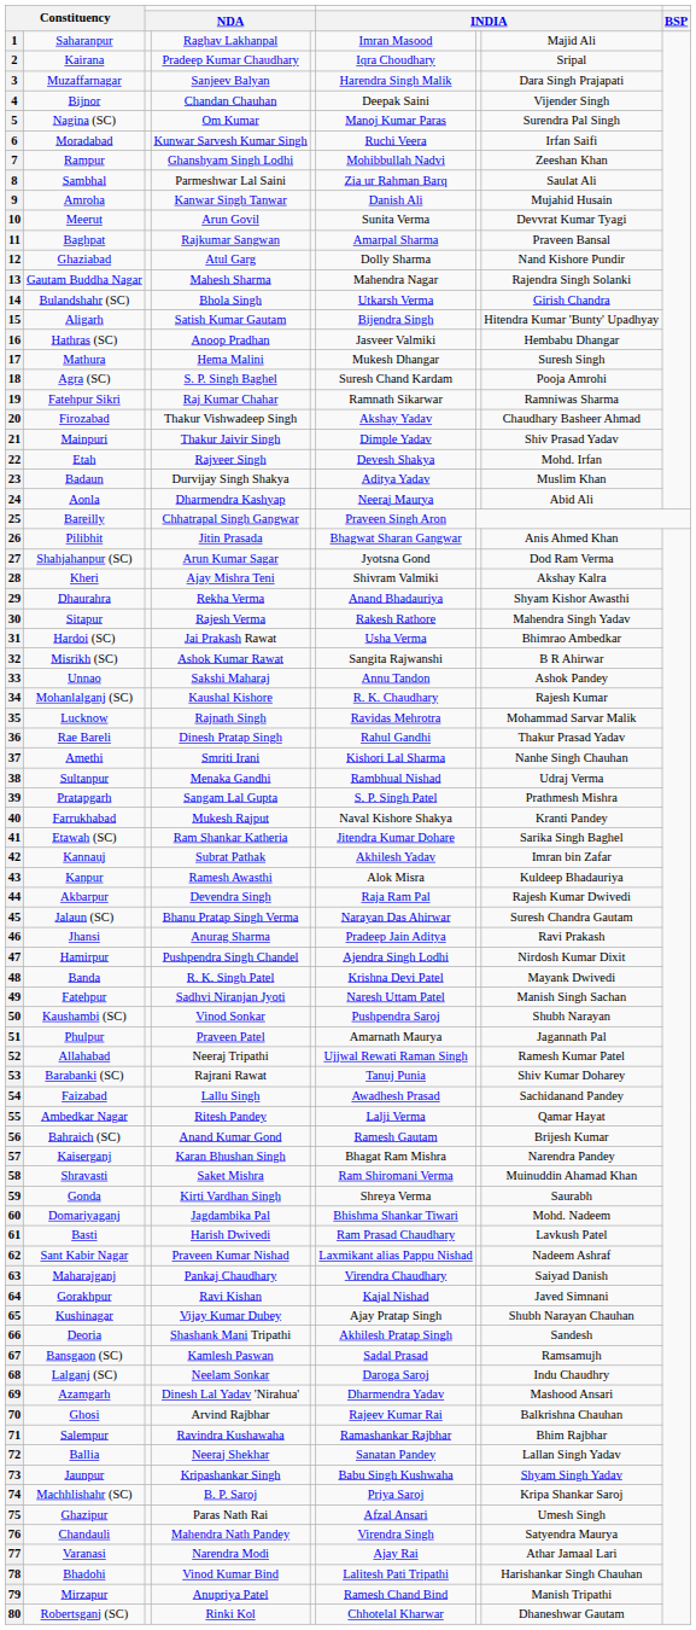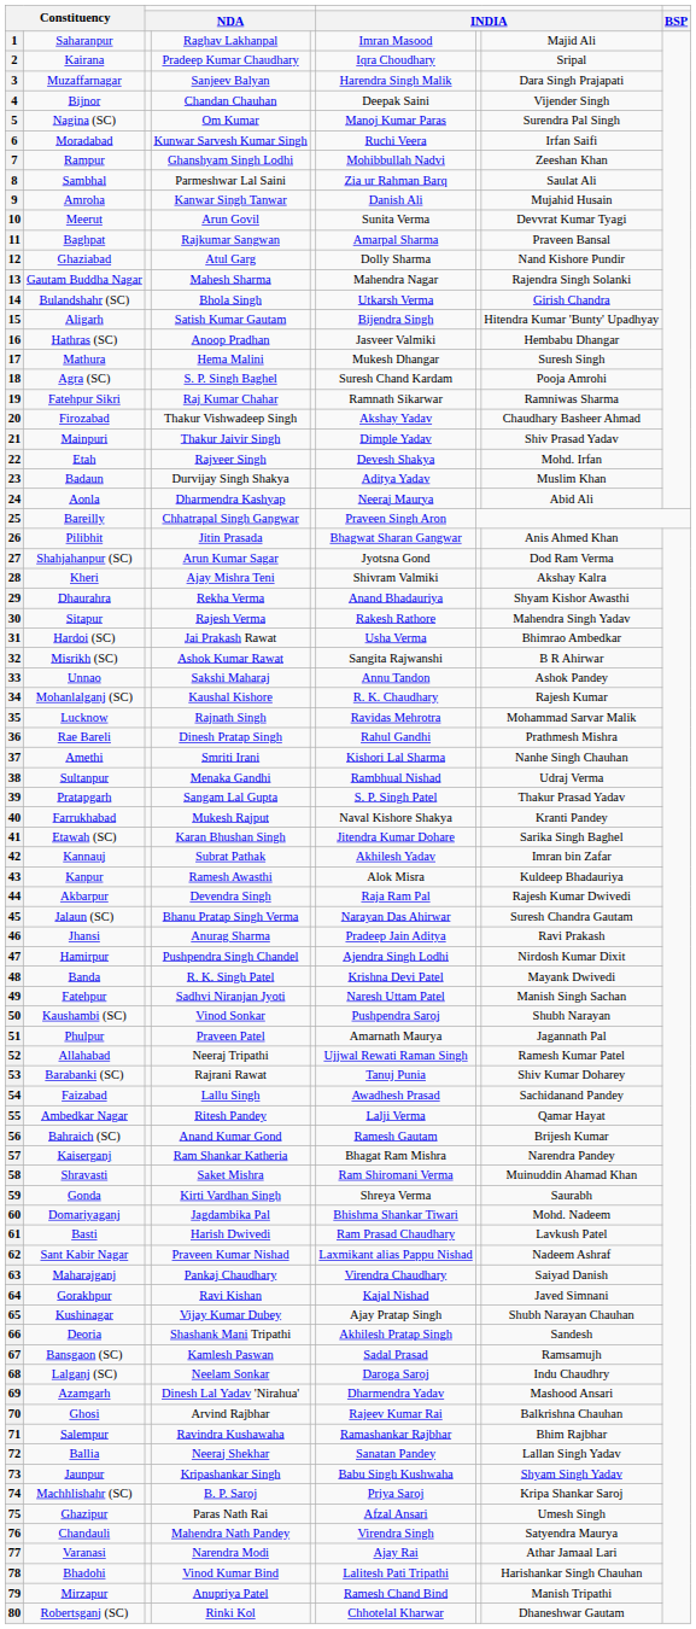 <table class="wikitable sortable" style="text-align:center;">
 <tr>
 <th colspan="2" rowspan="2">Constituency</th>
 <td colspan="3"></td>
 <td colspan="3"></td>
 <td colspan="3"></td>
 </tr>
 <tr>
 <th colspan="3" class="wikitable"><a href='#'>NDA</a></th>
 <th colspan="3" class="wikitable"><a href='#'>INDIA</a></th>
 <th colspan="3" class="wikitable"><a href='#'>BSP</a></th>
 </tr>
 <tr>
 <th>1</th>
 <td><a href='#'>Saharanpur</a></td>
 <td></td>
 <td><a href='#'>Raghav Lakhanpal</a></td>
 <td></td>
 <td><a href='#'>Imran Masood</a></td>
 <td></td>
 <td>Majid Ali</td>
 </tr>
 <tr>
 <th>2</th>
 <td><a href='#'>Kairana</a></td>
 <td></td>
 <td><a href='#'>Pradeep Kumar Chaudhary</a></td>
 <td></td>
 <td><a href='#'>Iqra Choudhary</a></td>
 <td></td>
 <td>Sripal</td>
 </tr>
 <tr>
 <th>3</th>
 <td><a href='#'>Muzaffarnagar</a></td>
 <td></td>
 <td><a href='#'>Sanjeev Balyan</a></td>
 <td></td>
 <td><a href='#'>Harendra Singh Malik</a></td>
 <td></td>
 <td>Dara Singh Prajapati</td>
 </tr>
 <tr>
 <th>4</th>
 <td><a href='#'>Bijnor</a></td>
 <td></td>
 <td><a href='#'>Chandan Chauhan</a></td>
 <td></td>
 <td>Deepak Saini</td>
 <td></td>
 <td>Vijender Singh</td>
 </tr>
 <tr>
 <th>5</th>
 <td><a href='#'>Nagina</a> (SC)</td>
 <td></td>
 <td><a href='#'>Om Kumar</a></td>
 <td></td>
 <td><a href='#'>Manoj Kumar Paras</a></td>
 <td></td>
 <td>Surendra Pal Singh</td>
 </tr>
 <tr>
 <th>6</th>
 <td><a href='#'>Moradabad</a></td>
 <td></td>
 <td><a href='#'>Kunwar Sarvesh Kumar Singh</a></td>
 <td></td>
 <td><a href='#'>Ruchi Veera</a></td>
 <td></td>
 <td>Irfan Saifi</td>
 </tr>
 <tr>
 <th>7</th>
 <td><a href='#'>Rampur</a></td>
 <td></td>
 <td><a href='#'>Ghanshyam Singh Lodhi</a></td>
 <td></td>
 <td><a href='#'>Mohibbullah Nadvi</a></td>
 <td></td>
 <td>Zeeshan Khan</td>
 </tr>
 <tr>
 <th>8</th>
 <td><a href='#'>Sambhal</a></td>
 <td></td>
 <td>Parmeshwar Lal Saini</td>
 <td></td>
 <td><a href='#'>Zia ur Rahman Barq</a></td>
 <td></td>
 <td>Saulat Ali</td>
 </tr>
 <tr>
 <th>9</th>
 <td><a href='#'>Amroha</a></td>
 <td></td>
 <td><a href='#'>Kanwar Singh Tanwar</a></td>
 <td></td>
 <td><a href='#'>Danish Ali</a></td>
 <td></td>
 <td>Mujahid Husain</td>
 </tr>
 <tr>
 <th>10</th>
 <td><a href='#'>Meerut</a></td>
 <td></td>
 <td><a href='#'>Arun Govil</a></td>
 <td></td>
 <td>Sunita Verma</td>
 <td></td>
 <td>Devvrat Kumar Tyagi</td>
 </tr>
 <tr>
 <th>11</th>
 <td><a href='#'>Baghpat</a></td>
 <td></td>
 <td><a href='#'>Rajkumar Sangwan</a></td>
 <td></td>
 <td><a href='#'>Amarpal Sharma</a></td>
 <td></td>
 <td>Praveen Bansal</td>
 </tr>
 <tr>
 <th>12</th>
 <td><a href='#'>Ghaziabad</a></td>
 <td></td>
 <td><a href='#'>Atul Garg</a></td>
 <td></td>
 <td>Dolly Sharma</td>
 <td></td>
 <td>Nand Kishore Pundir</td>
 </tr>
 <tr>
 <th>13</th>
 <td><a href='#'>Gautam Buddha Nagar</a></td>
 <td></td>
 <td><a href='#'>Mahesh Sharma</a></td>
 <td></td>
 <td>Mahendra Nagar</td>
 <td></td>
 <td>Rajendra Singh Solanki</td>
 </tr>
 <tr>
 <th>14</th>
 <td><a href='#'>Bulandshahr</a> (SC)</td>
 <td></td>
 <td><a href='#'>Bhola Singh</a></td>
 <td></td>
 <td><a href='#'>Utkarsh Verma</a></td>
 <td></td>
 <td><a href='#'>Girish Chandra</a></td>
 </tr>
 <tr>
 <th>15</th>
 <td><a href='#'>Aligarh</a></td>
 <td></td>
 <td><a href='#'>Satish Kumar Gautam</a></td>
 <td></td>
 <td><a href='#'>Bijendra Singh</a></td>
 <td></td>
 <td>Hitendra Kumar 'Bunty' Upadhyay</td>
 </tr>
 <tr>
 <th>16</th>
 <td><a href='#'>Hathras</a> (SC)</td>
 <td></td>
 <td><a href='#'>Anoop Pradhan</a></td>
 <td></td>
 <td>Jasveer Valmiki</td>
 <td></td>
 <td>Hembabu Dhangar</td>
 </tr>
 <tr>
 <th>17</th>
 <td><a href='#'>Mathura</a></td>
 <td></td>
 <td><a href='#'>Hema Malini</a></td>
 <td></td>
 <td>Mukesh Dhangar</td>
 <td></td>
 <td>Suresh Singh</td>
 </tr>
 <tr>
 <th>18</th>
 <td><a href='#'>Agra</a> (SC)</td>
 <td></td>
 <td><a href='#'>S. P. Singh Baghel</a></td>
 <td></td>
 <td>Suresh Chand Kardam</td>
 <td></td>
 <td>Pooja Amrohi</td>
 </tr>
 <tr>
 <th>19</th>
 <td><a href='#'>Fatehpur Sikri</a></td>
 <td></td>
 <td><a href='#'>Raj Kumar Chahar</a></td>
 <td></td>
 <td>Ramnath Sikarwar</td>
 <td></td>
 <td>Ramniwas Sharma</td>
 </tr>
 <tr>
 <th>20</th>
 <td><a href='#'>Firozabad</a></td>
 <td></td>
 <td>Thakur Vishwadeep Singh</td>
 <td></td>
 <td><a href='#'>Akshay Yadav</a></td>
 <td></td>
 <td>Chaudhary Basheer Ahmad</td>
 </tr>
 <tr>
 <th>21</th>
 <td><a href='#'>Mainpuri</a></td>
 <td></td>
 <td><a href='#'>Thakur Jaivir Singh</a></td>
 <td></td>
 <td><a href='#'>Dimple Yadav</a></td>
 <td></td>
 <td>Shiv Prasad Yadav</td>
 </tr>
 <tr>
 <th>22</th>
 <td><a href='#'>Etah</a></td>
 <td></td>
 <td><a href='#'>Rajveer Singh</a></td>
 <td></td>
 <td><a href='#'>Devesh Shakya</a></td>
 <td></td>
 <td>Mohd. Irfan</td>
 </tr>
 <tr>
 <th>23</th>
 <td><a href='#'>Badaun</a></td>
 <td></td>
 <td>Durvijay Singh Shakya</td>
 <td></td>
 <td><a href='#'>Aditya Yadav</a></td>
 <td></td>
 <td>Muslim Khan</td>
 </tr>
 <tr>
 <th>24</th>
 <td><a href='#'>Aonla</a></td>
 <td></td>
 <td><a href='#'>Dharmendra Kashyap</a></td>
 <td></td>
 <td><a href='#'>Neeraj Maurya</a></td>
 <td></td>
 <td>Abid Ali</td>
 </tr>
 <tr>
 <th>25</th>
 <td><a href='#'>Bareilly</a></td>
 <td></td>
 <td><a href='#'>Chhatrapal Singh Gangwar</a></td>
 <td></td>
 <td><a href='#'>Praveen Singh Aron</a></td>
 <td colspan="3"></td>
 </tr>
 <tr>
 <th>26</th>
 <td><a href='#'>Pilibhit</a></td>
 <td></td>
 <td><a href='#'>Jitin Prasada</a></td>
 <td></td>
 <td><a href='#'>Bhagwat Sharan Gangwar</a></td>
 <td></td>
 <td>Anis Ahmed Khan</td>
 </tr>
 <tr>
 <th>27</th>
 <td><a href='#'>Shahjahanpur</a> (SC)</td>
 <td></td>
 <td><a href='#'>Arun Kumar Sagar</a></td>
 <td></td>
 <td>Jyotsna Gond</td>
 <td></td>
 <td>Dod Ram Verma</td>
 </tr>
 <tr>
 <th>28</th>
 <td><a href='#'>Kheri</a></td>
 <td></td>
 <td><a href='#'>Ajay Mishra Teni</a></td>
 <td></td>
 <td>Shivram Valmiki</td>
 <td></td>
 <td>Akshay Kalra</td>
 </tr>
 <tr>
 <th>29</th>
 <td><a href='#'>Dhaurahra</a></td>
 <td></td>
 <td><a href='#'>Rekha Verma</a></td>
 <td></td>
 <td><a href='#'>Anand Bhadauriya</a></td>
 <td></td>
 <td>Shyam Kishor Awasthi</td>
 </tr>
 <tr>
 <th>30</th>
 <td><a href='#'>Sitapur</a></td>
 <td></td>
 <td><a href='#'>Rajesh Verma</a></td>
 <td></td>
 <td><a href='#'>Rakesh Rathore</a></td>
 <td></td>
 <td>Mahendra Singh Yadav</td>
 </tr>
 <tr>
 <th>31</th>
 <td><a href='#'>Hardoi</a> (SC)</td>
 <td></td>
 <td><a href='#'>Jai Prakash</a> Rawat</td>
 <td></td>
 <td><a href='#'>Usha Verma</a></td>
 <td></td>
 <td>Bhimrao Ambedkar</td>
 </tr>
 <tr>
 <th>32</th>
 <td><a href='#'>Misrikh</a> (SC)</td>
 <td></td>
 <td><a href='#'>Ashok Kumar Rawat</a></td>
 <td></td>
 <td>Sangita Rajwanshi</td>
 <td></td>
 <td>B R Ahirwar</td>
 </tr>
 <tr>
 <th>33</th>
 <td><a href='#'>Unnao</a></td>
 <td></td>
 <td><a href='#'>Sakshi Maharaj</a></td>
 <td></td>
 <td><a href='#'>Annu Tandon</a></td>
 <td></td>
 <td>Ashok Pandey</td>
 </tr>
 <tr>
 <th>34</th>
 <td><a href='#'>Mohanlalganj</a> (SC)</td>
 <td></td>
 <td><a href='#'>Kaushal Kishore</a></td>
 <td></td>
 <td><a href='#'>R. K. Chaudhary</a></td>
 <td></td>
 <td>Rajesh Kumar</td>
 </tr>
 <tr>
 <th>35</th>
 <td><a href='#'>Lucknow</a></td>
 <td></td>
 <td><a href='#'>Rajnath Singh</a></td>
 <td></td>
 <td><a href='#'>Ravidas Mehrotra</a></td>
 <td></td>
 <td>Mohammad Sarvar Malik</td>
 </tr>
 <tr>
 <th>36</th>
 <td><a href='#'>Rae Bareli</a></td>
 <td></td>
 <td><a href='#'>Dinesh Pratap Singh</a></td>
 <td></td>
 <td><a href='#'>Rahul Gandhi</a></td>
 <td></td>
-<td>Thakur Prasad Yadav</td>
+<td>Prathmesh Mishra</td>
 </tr>
 <tr>
 <th>37</th>
 <td><a href='#'>Amethi</a></td>
 <td></td>
 <td><a href='#'>Smriti Irani</a></td>
 <td></td>
 <td><a href='#'>Kishori Lal Sharma</a></td>
 <td></td>
 <td>Nanhe Singh Chauhan</td>
 </tr>
 <tr>
 <th>38</th>
 <td><a href='#'>Sultanpur</a></td>
 <td></td>
 <td><a href='#'>Menaka Gandhi</a></td>
 <td></td>
 <td><a href='#'>Rambhual Nishad</a></td>
 <td></td>
 <td>Udraj Verma</td>
 </tr>
 <tr>
 <th>39</th>
 <td><a href='#'>Pratapgarh</a></td>
 <td></td>
 <td><a href='#'>Sangam Lal Gupta</a></td>
 <td></td>
 <td><a href='#'>S. P. Singh Patel</a></td>
 <td></td>
-<td>Prathmesh Mishra</td>
+<td>Thakur Prasad Yadav</td>
 </tr>
 <tr>
 <th>40</th>
 <td><a href='#'>Farrukhabad</a></td>
 <td></td>
 <td><a href='#'>Mukesh Rajput</a></td>
 <td></td>
 <td>Naval Kishore Shakya</td>
 <td></td>
 <td>Kranti Pandey</td>
 </tr>
 <tr>
 <th>41</th>
 <td><a href='#'>Etawah</a> (SC)</td>
 <td></td>
-<td><a href='#'>Ram Shankar Katheria</a></td>
+<td><a href='#'>Karan Bhushan Singh</a></td>
 <td></td>
 <td><a href='#'>Jitendra Kumar Dohare</a></td>
 <td></td>
 <td>Sarika Singh Baghel</td>
 </tr>
 <tr>
 <th>42</th>
 <td><a href='#'>Kannauj</a></td>
 <td></td>
 <td><a href='#'>Subrat Pathak</a></td>
 <td></td>
 <td><a href='#'>Akhilesh Yadav</a></td>
 <td></td>
 <td>Imran bin Zafar</td>
 </tr>
 <tr>
 <th>43</th>
 <td><a href='#'>Kanpur</a></td>
 <td></td>
 <td><a href='#'>Ramesh Awasthi</a></td>
 <td></td>
 <td>Alok Misra</td>
 <td></td>
 <td>Kuldeep Bhadauriya</td>
 </tr>
 <tr>
 <th>44</th>
 <td><a href='#'>Akbarpur</a></td>
 <td></td>
 <td><a href='#'>Devendra Singh</a></td>
 <td></td>
 <td><a href='#'>Raja Ram Pal</a></td>
 <td></td>
 <td>Rajesh Kumar Dwivedi</td>
 </tr>
 <tr>
 <th>45</th>
 <td><a href='#'>Jalaun</a> (SC)</td>
 <td></td>
 <td><a href='#'>Bhanu Pratap Singh Verma</a></td>
 <td></td>
 <td><a href='#'>Narayan Das Ahirwar</a></td>
 <td></td>
 <td>Suresh Chandra Gautam</td>
 </tr>
 <tr>
 <th>46</th>
 <td><a href='#'>Jhansi</a></td>
 <td></td>
 <td><a href='#'>Anurag Sharma</a></td>
 <td></td>
 <td><a href='#'>Pradeep Jain Aditya</a></td>
 <td></td>
 <td>Ravi Prakash</td>
 </tr>
 <tr>
 <th>47</th>
 <td><a href='#'>Hamirpur</a></td>
 <td></td>
 <td><a href='#'>Pushpendra Singh Chandel</a></td>
 <td></td>
 <td><a href='#'>Ajendra Singh Lodhi</a></td>
 <td></td>
 <td>Nirdosh Kumar Dixit</td>
 </tr>
 <tr>
 <th>48</th>
 <td><a href='#'>Banda</a></td>
 <td></td>
 <td><a href='#'>R. K. Singh Patel</a></td>
 <td></td>
 <td><a href='#'>Krishna Devi Patel</a></td>
 <td></td>
 <td>Mayank Dwivedi</td>
 </tr>
 <tr>
 <th>49</th>
 <td><a href='#'>Fatehpur</a></td>
 <td></td>
 <td><a href='#'>Sadhvi Niranjan Jyoti</a></td>
 <td></td>
 <td><a href='#'>Naresh Uttam Patel</a></td>
 <td></td>
 <td>Manish Singh Sachan</td>
 </tr>
 <tr>
 <th>50</th>
 <td><a href='#'>Kaushambi</a> (SC)</td>
 <td></td>
 <td><a href='#'>Vinod Sonkar</a></td>
 <td></td>
 <td><a href='#'>Pushpendra Saroj</a></td>
 <td></td>
 <td>Shubh Narayan</td>
 </tr>
 <tr>
 <th>51</th>
 <td><a href='#'>Phulpur</a></td>
 <td></td>
 <td><a href='#'>Praveen Patel</a></td>
 <td></td>
 <td>Amarnath Maurya</td>
 <td></td>
 <td>Jagannath Pal</td>
 </tr>
 <tr>
 <th>52</th>
 <td><a href='#'>Allahabad</a></td>
 <td></td>
 <td>Neeraj Tripathi</td>
 <td></td>
 <td><a href='#'>Ujjwal Rewati Raman Singh</a></td>
 <td></td>
 <td>Ramesh Kumar Patel</td>
 </tr>
 <tr>
 <th>53</th>
 <td><a href='#'>Barabanki</a> (SC)</td>
 <td></td>
 <td>Rajrani Rawat</td>
 <td></td>
 <td><a href='#'>Tanuj Punia</a></td>
 <td></td>
 <td>Shiv Kumar Doharey</td>
 </tr>
 <tr>
 <th>54</th>
 <td><a href='#'>Faizabad</a></td>
 <td></td>
 <td><a href='#'>Lallu Singh</a></td>
 <td></td>
 <td><a href='#'>Awadhesh Prasad</a></td>
 <td></td>
 <td>Sachidanand Pandey</td>
 </tr>
 <tr>
 <th>55</th>
 <td><a href='#'>Ambedkar Nagar</a></td>
 <td></td>
 <td><a href='#'>Ritesh Pandey</a></td>
 <td></td>
 <td><a href='#'>Lalji Verma</a></td>
 <td></td>
 <td>Qamar Hayat</td>
 </tr>
 <tr>
 <th>56</th>
 <td><a href='#'>Bahraich</a> (SC)</td>
 <td></td>
 <td><a href='#'>Anand Kumar Gond</a></td>
 <td></td>
 <td><a href='#'>Ramesh Gautam</a></td>
 <td></td>
 <td>Brijesh Kumar</td>
 </tr>
 <tr>
 <th>57</th>
 <td><a href='#'>Kaiserganj</a></td>
 <td></td>
-<td><a href='#'>Karan Bhushan Singh</a></td>
+<td><a href='#'>Ram Shankar Katheria</a></td>
 <td></td>
 <td>Bhagat Ram Mishra</td>
 <td></td>
 <td>Narendra Pandey</td>
 </tr>
 <tr>
 <th>58</th>
 <td><a href='#'>Shravasti</a></td>
 <td></td>
 <td><a href='#'>Saket Mishra</a></td>
 <td></td>
 <td><a href='#'>Ram Shiromani Verma</a></td>
 <td></td>
 <td>Muinuddin Ahamad Khan</td>
 </tr>
 <tr>
 <th>59</th>
 <td><a href='#'>Gonda</a></td>
 <td></td>
 <td><a href='#'>Kirti Vardhan Singh</a></td>
 <td></td>
 <td>Shreya Verma</td>
 <td></td>
 <td>Saurabh</td>
 </tr>
 <tr>
 <th>60</th>
 <td><a href='#'>Domariyaganj</a></td>
 <td></td>
 <td><a href='#'>Jagdambika Pal</a></td>
 <td></td>
 <td><a href='#'>Bhishma Shankar Tiwari</a></td>
 <td></td>
 <td>Mohd. Nadeem</td>
 </tr>
 <tr>
 <th>61</th>
 <td><a href='#'>Basti</a></td>
 <td></td>
 <td><a href='#'>Harish Dwivedi</a></td>
 <td></td>
 <td><a href='#'>Ram Prasad Chaudhary</a></td>
 <td></td>
 <td>Lavkush Patel</td>
 </tr>
 <tr>
 <th>62</th>
 <td><a href='#'>Sant Kabir Nagar</a></td>
 <td></td>
 <td><a href='#'>Praveen Kumar Nishad</a></td>
 <td></td>
 <td><a href='#'>Laxmikant alias Pappu Nishad</a></td>
 <td></td>
 <td>Nadeem Ashraf</td>
 </tr>
 <tr>
 <th>63</th>
 <td><a href='#'>Maharajganj</a></td>
 <td></td>
 <td><a href='#'>Pankaj Chaudhary</a></td>
 <td></td>
 <td><a href='#'>Virendra Chaudhary</a></td>
 <td></td>
 <td>Saiyad Danish</td>
 </tr>
 <tr>
 <th>64</th>
 <td><a href='#'>Gorakhpur</a></td>
 <td></td>
 <td><a href='#'>Ravi Kishan</a></td>
 <td></td>
 <td><a href='#'>Kajal Nishad</a></td>
 <td></td>
 <td>Javed Simnani</td>
 </tr>
 <tr>
 <th>65</th>
 <td><a href='#'>Kushinagar</a></td>
 <td></td>
 <td><a href='#'>Vijay Kumar Dubey</a></td>
 <td></td>
 <td>Ajay Pratap Singh</td>
 <td></td>
 <td>Shubh Narayan Chauhan</td>
 </tr>
 <tr>
 <th>66</th>
 <td><a href='#'>Deoria</a></td>
 <td></td>
 <td><a href='#'>Shashank Mani</a> Tripathi</td>
 <td></td>
 <td><a href='#'>Akhilesh Pratap Singh</a></td>
 <td></td>
 <td>Sandesh</td>
 </tr>
 <tr>
 <th>67</th>
 <td><a href='#'>Bansgaon</a> (SC)</td>
 <td></td>
 <td><a href='#'>Kamlesh Paswan</a></td>
 <td></td>
 <td><a href='#'>Sadal Prasad</a></td>
 <td></td>
 <td>Ramsamujh</td>
 </tr>
 <tr>
 <th>68</th>
 <td><a href='#'>Lalganj</a> (SC)</td>
 <td></td>
 <td><a href='#'>Neelam Sonkar</a></td>
 <td></td>
 <td><a href='#'>Daroga Saroj</a></td>
 <td></td>
 <td>Indu Chaudhry</td>
 </tr>
 <tr>
 <th>69</th>
 <td><a href='#'>Azamgarh</a></td>
 <td></td>
 <td><a href='#'>Dinesh Lal Yadav</a> 'Nirahua'</td>
 <td></td>
 <td><a href='#'>Dharmendra Yadav</a></td>
 <td></td>
 <td>Mashood Ansari</td>
 </tr>
 <tr>
 <th>70</th>
 <td><a href='#'>Ghosi</a></td>
 <td></td>
 <td>Arvind Rajbhar</td>
 <td></td>
 <td><a href='#'>Rajeev Kumar Rai</a></td>
 <td></td>
 <td>Balkrishna Chauhan</td>
 </tr>
 <tr>
 <th>71</th>
 <td><a href='#'>Salempur</a></td>
 <td></td>
 <td><a href='#'>Ravindra Kushawaha</a></td>
 <td></td>
 <td><a href='#'>Ramashankar Rajbhar</a></td>
 <td></td>
 <td>Bhim Rajbhar</td>
 </tr>
 <tr>
 <th>72</th>
 <td><a href='#'>Ballia</a></td>
 <td></td>
 <td><a href='#'>Neeraj Shekhar</a></td>
 <td></td>
 <td><a href='#'>Sanatan Pandey</a></td>
 <td></td>
 <td>Lallan Singh Yadav</td>
 </tr>
 <tr>
 <th>73</th>
 <td><a href='#'>Jaunpur</a></td>
 <td></td>
 <td><a href='#'>Kripashankar Singh</a></td>
 <td></td>
 <td><a href='#'>Babu Singh Kushwaha</a></td>
 <td></td>
 <td><a href='#'>Shyam Singh Yadav</a></td>
 </tr>
 <tr>
 <th>74</th>
 <td><a href='#'>Machhlishahr</a> (SC)</td>
 <td></td>
 <td><a href='#'>B. P. Saroj</a></td>
 <td></td>
 <td><a href='#'>Priya Saroj</a></td>
 <td></td>
 <td>Kripa Shankar Saroj</td>
 </tr>
 <tr>
 <th>75</th>
 <td><a href='#'>Ghazipur</a></td>
 <td></td>
 <td>Paras Nath Rai</td>
 <td></td>
 <td><a href='#'>Afzal Ansari</a></td>
 <td></td>
 <td>Umesh Singh</td>
 </tr>
 <tr>
 <th>76</th>
 <td><a href='#'>Chandauli</a></td>
 <td></td>
 <td><a href='#'>Mahendra Nath Pandey</a></td>
 <td></td>
 <td><a href='#'>Virendra Singh</a></td>
 <td></td>
 <td>Satyendra Maurya</td>
 </tr>
 <tr>
 <th>77</th>
 <td><a href='#'>Varanasi</a></td>
 <td></td>
 <td><a href='#'>Narendra Modi</a></td>
 <td></td>
 <td><a href='#'>Ajay Rai</a></td>
 <td></td>
 <td>Athar Jamaal Lari</td>
 </tr>
 <tr>
 <th>78</th>
 <td><a href='#'>Bhadohi</a></td>
 <td></td>
 <td><a href='#'>Vinod Kumar Bind</a></td>
 <td></td>
 <td><a href='#'>Lalitesh Pati Tripathi</a></td>
 <td></td>
 <td>Harishankar Singh Chauhan</td>
 </tr>
 <tr>
 <th>79</th>
 <td><a href='#'>Mirzapur</a></td>
 <td></td>
 <td><a href='#'>Anupriya Patel</a></td>
 <td></td>
 <td><a href='#'>Ramesh Chand Bind</a></td>
 <td></td>
 <td>Manish Tripathi</td>
 </tr>
 <tr>
 <th>80</th>
 <td><a href='#'>Robertsganj</a> (SC)</td>
 <td></td>
 <td><a href='#'>Rinki Kol</a></td>
 <td></td>
 <td><a href='#'>Chhotelal Kharwar</a></td>
 <td></td>
 <td>Dhaneshwar Gautam</td>
 </tr>
 </table>
